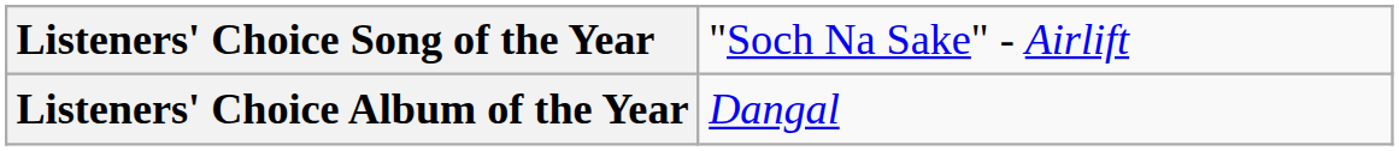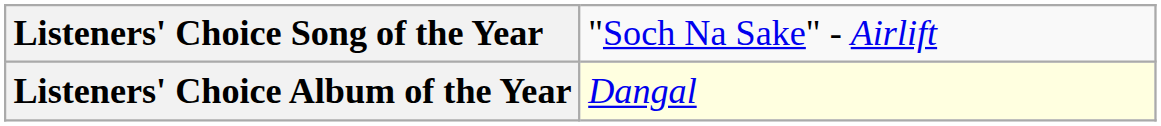 <table class="wikitable">
 <tr>
 <th style="text-align: left; width:50%;">Listeners' Choice Song of the Year</th>
 <td>"<a href='#'>Soch Na Sake</a>" - <em><a href='#'>Airlift</a></em></td>
 </tr>
 <tr>
 <th style="text-align: left;">Listeners' Choice Album of the Year</th>
-<td><em><a href='#'>Dangal</a></em></td>
+<td style="background: lightyellow;"><em><a href='#'>Dangal</a></em></td>
 </tr>
 </table>
